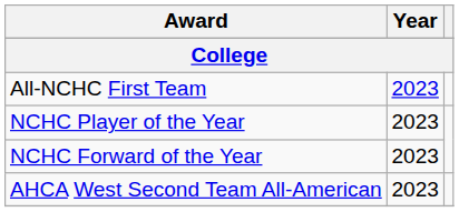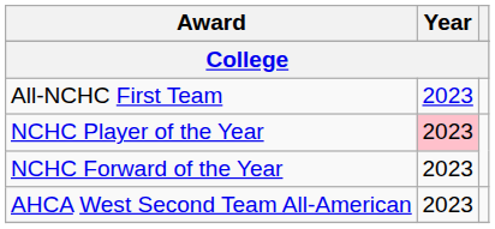 <table class="wikitable">
 <tr>
 <th>Award</th>
 <th>Year</th>
 <th></th>
 </tr>
 <tr ALIGN="center" bgcolor="#e0e0e0">
 </tr>
 <tr ALIGN="center" bgcolor="#e0e0e0">
 <th colspan="3"><a href='#'>College</a></th>
 </tr>
 <tr>
 <td>All-NCHC <a href='#'>First Team</a></td>
 <td><a href='#'>2023</a></td>
 <td></td>
 </tr>
 <tr>
 <td><a href='#'>NCHC Player of the Year</a></td>
-<td>2023</td>
+<td style="background: pink;">2023</td>
 <td rowspan="2"></td>
 </tr>
 <tr>
 <td><a href='#'>NCHC Forward of the Year</a></td>
 <td>2023</td>
 </tr>
 <tr>
 <td><a href='#'>AHCA</a> <a href='#'>West Second Team All-American</a></td>
 <td>2023</td>
 <td></td>
 </tr>
 <tr>
 </tr>
 </table>
